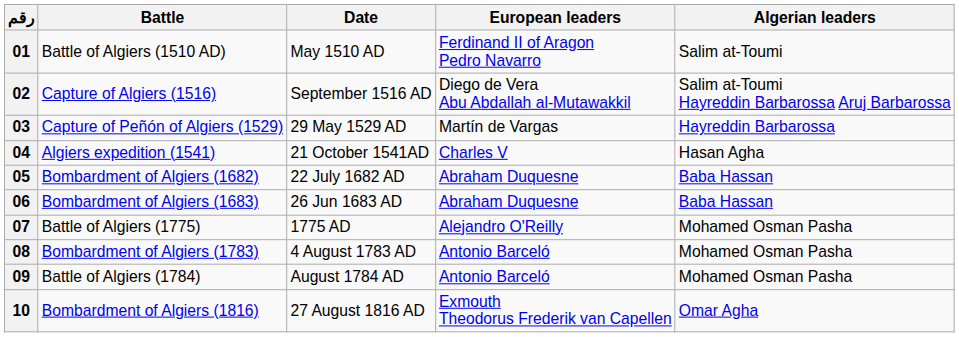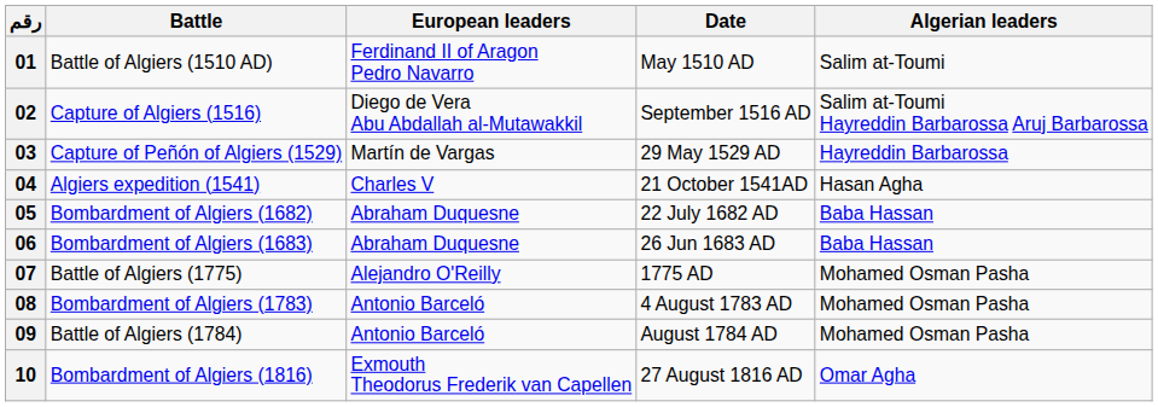 <table class="wikitable">
 <tr>
 <th>رقم</th>
 <th>Battle</th>
+<th>European leaders</th>
 <th>Date</th>
-<th>European leaders</th>
 <th>Algerian leaders</th>
 </tr>
 <tr>
 <th>01</th>
 <td>Battle of Algiers (1510 AD)</td>
+<td><a href='#'>Ferdinand II of Aragon</a><br><a href='#'>Pedro Navarro</a></td>
 <td>May 1510 AD</td>
-<td><a href='#'>Ferdinand II of Aragon</a><br><a href='#'>Pedro Navarro</a></td>
 <td>Salim at-Toumi</td>
 </tr>
 <tr>
 <th>02</th>
 <td><a href='#'>Capture of Algiers (1516)</a></td>
+<td>Diego de Vera<br><a href='#'>Abu Abdallah al-Mutawakkil</a></td>
 <td>September 1516 AD</td>
-<td>Diego de Vera<br><a href='#'>Abu Abdallah al-Mutawakkil</a></td>
 <td>Salim at-Toumi<br><a href='#'>Hayreddin Barbarossa</a> <a href='#'>Aruj Barbarossa</a></td>
 </tr>
 <tr>
 <th>03</th>
 <td><a href='#'>Capture of Peñón of Algiers (1529)</a></td>
+<td>Martín de Vargas</td>
 <td>29 May 1529 AD</td>
-<td>Martín de Vargas</td>
 <td><a href='#'>Hayreddin Barbarossa</a></td>
 </tr>
 <tr>
 <th>04</th>
 <td><a href='#'>Algiers expedition (1541)</a></td>
+<td><a href='#'>Charles V</a></td>
 <td>21 October 1541AD</td>
-<td><a href='#'>Charles V</a></td>
 <td>Hasan Agha</td>
 </tr>
 <tr>
 <th>05</th>
 <td><a href='#'>Bombardment of Algiers (1682)</a></td>
+<td><a href='#'>Abraham Duquesne</a></td>
 <td>22  July 1682 AD</td>
-<td><a href='#'>Abraham Duquesne</a></td>
 <td><a href='#'>Baba Hassan</a></td>
 </tr>
 <tr>
 <th>06</th>
 <td><a href='#'>Bombardment of Algiers (1683)</a></td>
+<td><a href='#'>Abraham Duquesne</a></td>
 <td>26  Jun 1683 AD</td>
-<td><a href='#'>Abraham Duquesne</a></td>
 <td><a href='#'>Baba Hassan</a></td>
 </tr>
 <tr>
 <th>07</th>
 <td>Battle of Algiers (1775)</td>
+<td><a href='#'>Alejandro O'Reilly</a></td>
 <td>1775 AD</td>
-<td><a href='#'>Alejandro O'Reilly</a></td>
 <td>Mohamed Osman Pasha</td>
 </tr>
 <tr>
 <th>08</th>
 <td><a href='#'>Bombardment of Algiers (1783)</a></td>
+<td><a href='#'>Antonio Barceló</a></td>
 <td>4  August 1783 AD</td>
-<td><a href='#'>Antonio Barceló</a></td>
 <td>Mohamed Osman Pasha</td>
 </tr>
 <tr>
 <th>09</th>
 <td>Battle of Algiers (1784)</td>
+<td><a href='#'>Antonio Barceló</a></td>
 <td>August 1784 AD</td>
-<td><a href='#'>Antonio Barceló</a></td>
 <td>Mohamed Osman Pasha</td>
 </tr>
 <tr>
 <th>10</th>
 <td><a href='#'>Bombardment of Algiers (1816)</a></td>
+<td><a href='#'>Exmouth</a><br><a href='#'>Theodorus Frederik van Capellen</a></td>
 <td>27 August 1816 AD</td>
-<td><a href='#'>Exmouth</a><br><a href='#'>Theodorus Frederik van Capellen</a></td>
 <td><a href='#'>Omar Agha</a></td>
 </tr>
 </table>
